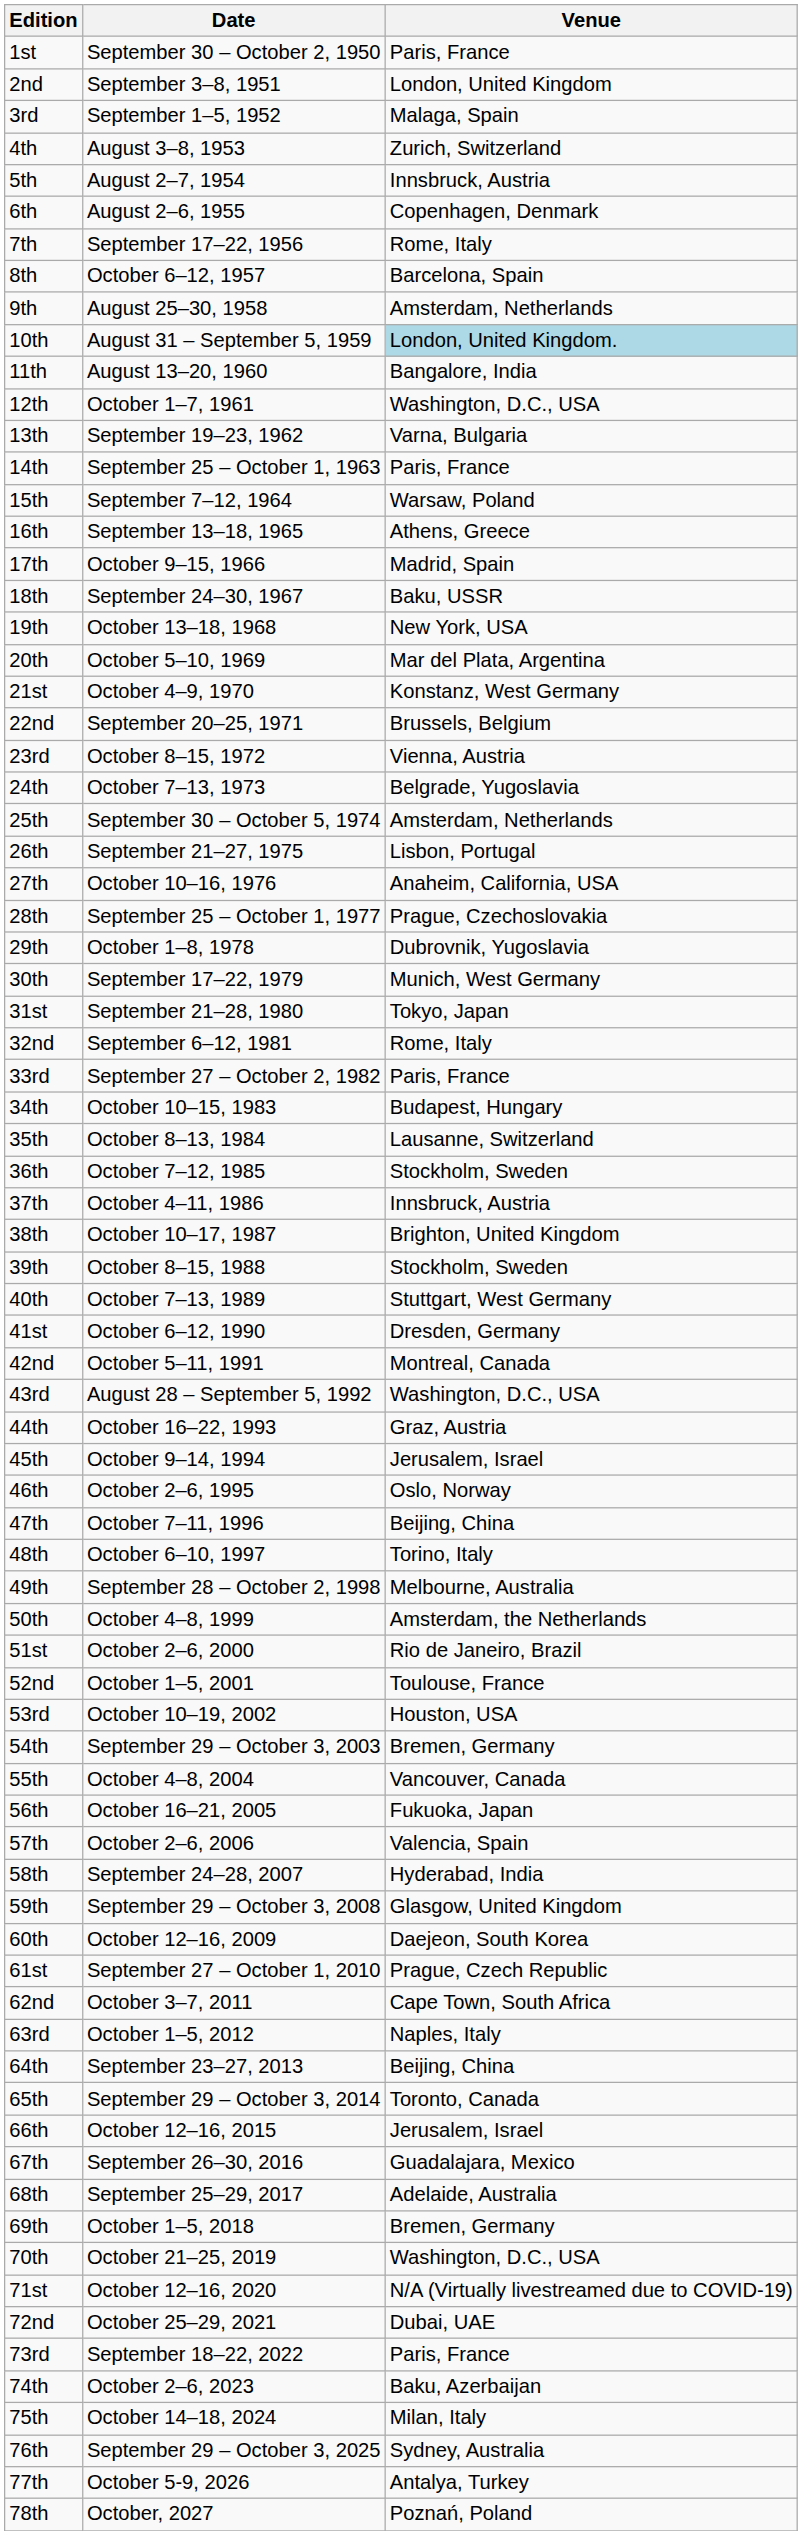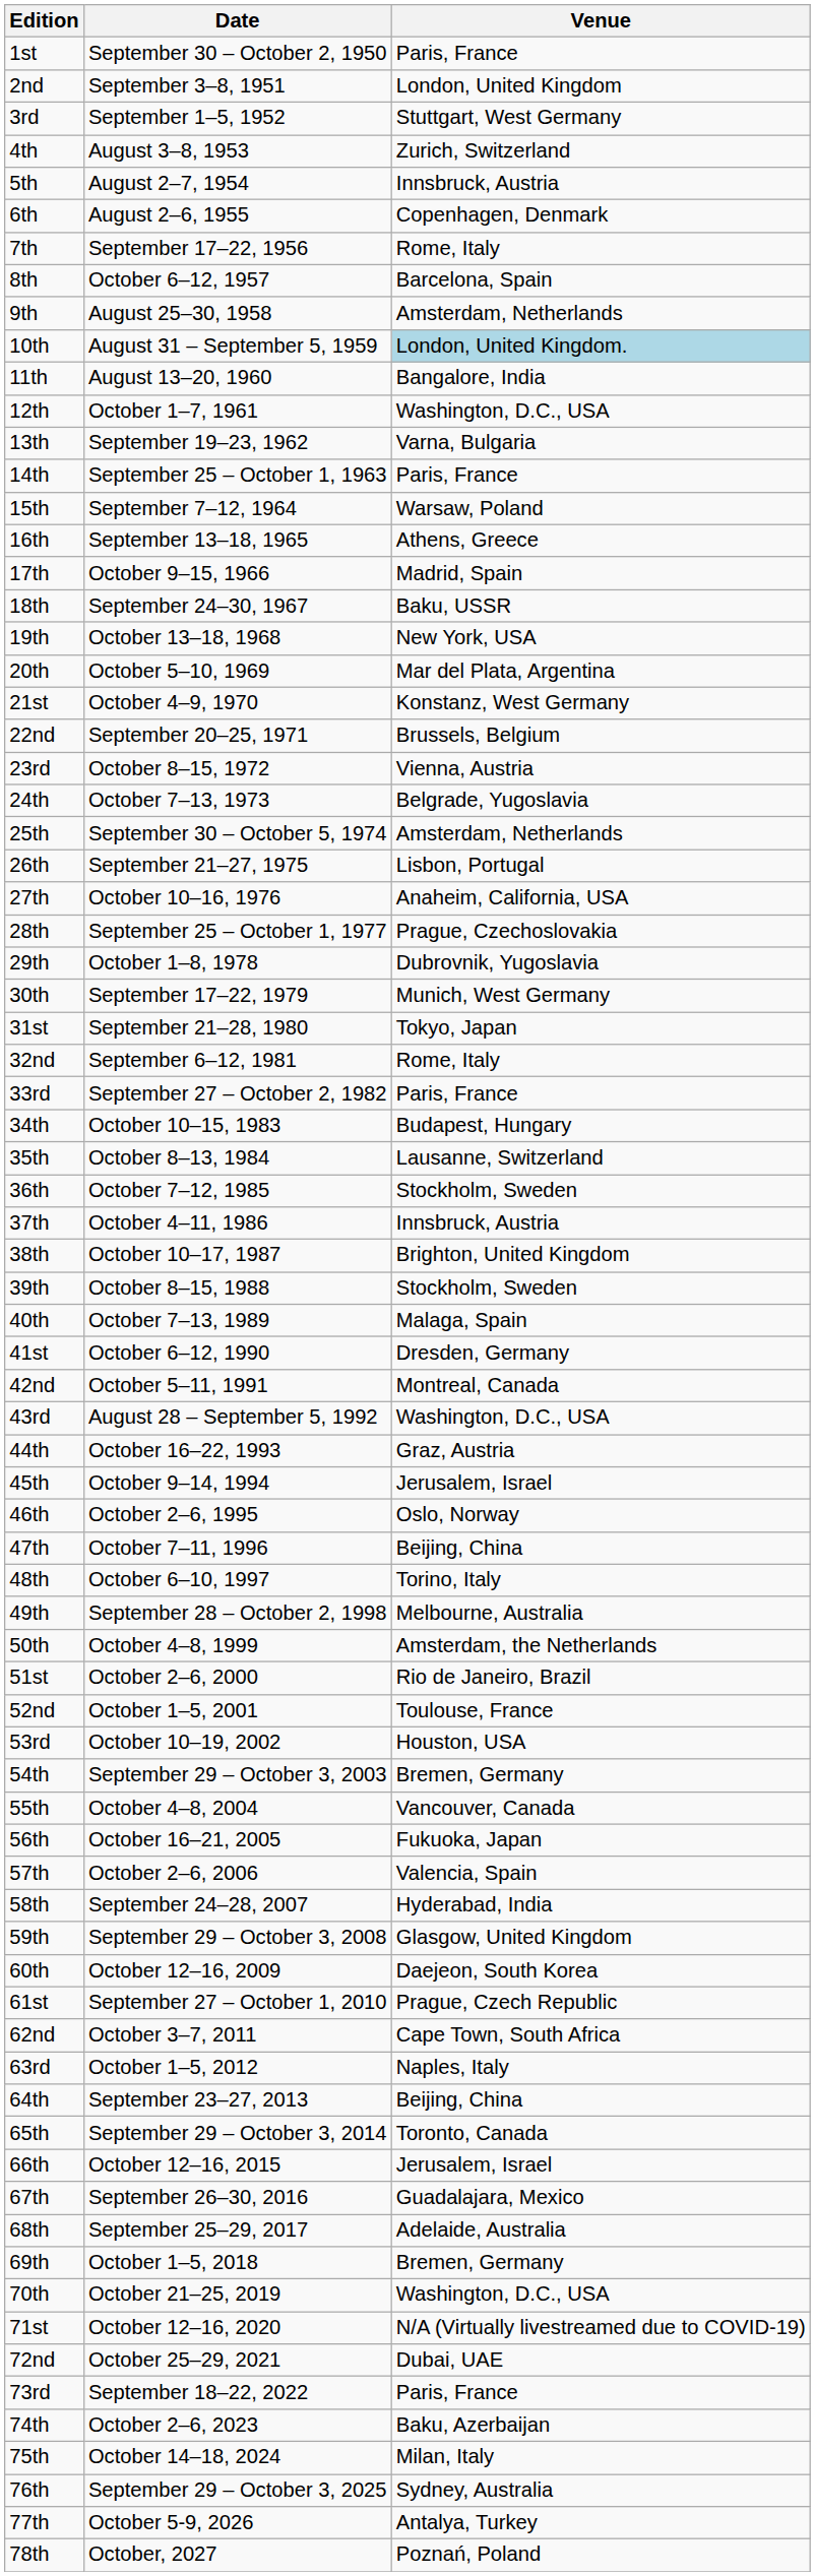 <table - class="wikitable">
 <tr>
 <th>Edition</th>
 <th>Date</th>
 <th>Venue</th>
 </tr>
 <tr>
 <td>1st</td>
 <td>September 30 – October 2, 1950</td>
 <td> Paris, France</td>
 </tr>
 <tr>
 <td>2nd</td>
 <td>September 3–8, 1951</td>
 <td> London, United Kingdom</td>
 </tr>
 <tr>
 <td>3rd</td>
 <td>September 1–5, 1952</td>
-<td> Malaga, Spain</td>
+<td> Stuttgart, West Germany</td>
 </tr>
 <tr>
 <td>4th</td>
 <td>August 3–8, 1953</td>
 <td> Zurich, Switzerland</td>
 </tr>
 <tr>
 <td>5th</td>
 <td>August 2–7, 1954</td>
 <td> Innsbruck, Austria</td>
 </tr>
 <tr>
 <td>6th</td>
 <td>August 2–6, 1955</td>
 <td> Copenhagen, Denmark</td>
 </tr>
 <tr>
 <td>7th</td>
 <td>September 17–22, 1956</td>
 <td> Rome, Italy</td>
 </tr>
 <tr>
 <td>8th</td>
 <td>October 6–12, 1957</td>
 <td> Barcelona, Spain</td>
 </tr>
 <tr>
 <td>9th</td>
 <td>August 25–30, 1958</td>
 <td> Amsterdam, Netherlands</td>
 </tr>
 <tr>
 <td>10th</td>
 <td>August 31 – September 5, 1959</td>
 <td style="background: lightblue;"> London, United Kingdom.</td>
 </tr>
 <tr>
 <td>11th</td>
 <td>August 13–20, 1960</td>
 <td> Bangalore, India</td>
 </tr>
 <tr>
 <td>12th</td>
 <td>October 1–7, 1961</td>
 <td> Washington, D.C., USA</td>
 </tr>
 <tr>
 <td>13th</td>
 <td>September 19–23, 1962</td>
 <td> Varna, Bulgaria</td>
 </tr>
 <tr>
 <td>14th</td>
 <td>September 25 – October 1, 1963</td>
 <td> Paris, France</td>
 </tr>
 <tr>
 <td>15th</td>
 <td>September 7–12, 1964</td>
 <td> Warsaw, Poland</td>
 </tr>
 <tr>
 <td>16th</td>
 <td>September 13–18, 1965</td>
 <td> Athens, Greece</td>
 </tr>
 <tr>
 <td>17th</td>
 <td>October 9–15, 1966</td>
 <td> Madrid, Spain</td>
 </tr>
 <tr>
 <td>18th</td>
 <td>September 24–30, 1967</td>
 <td> Baku, USSR</td>
 </tr>
 <tr>
 <td>19th</td>
 <td>October 13–18, 1968</td>
 <td> New York, USA</td>
 </tr>
 <tr>
 <td>20th</td>
 <td>October 5–10, 1969</td>
 <td> Mar del Plata, Argentina</td>
 </tr>
 <tr>
 <td>21st</td>
 <td>October 4–9, 1970</td>
 <td> Konstanz, West Germany</td>
 </tr>
 <tr>
 <td>22nd</td>
 <td>September 20–25, 1971</td>
 <td> Brussels, Belgium</td>
 </tr>
 <tr>
 <td>23rd</td>
 <td>October 8–15, 1972</td>
 <td> Vienna, Austria</td>
 </tr>
 <tr>
 <td>24th</td>
 <td>October 7–13, 1973</td>
 <td> Belgrade, Yugoslavia</td>
 </tr>
 <tr>
 <td>25th</td>
 <td>September 30 – October 5, 1974</td>
 <td> Amsterdam, Netherlands</td>
 </tr>
 <tr>
 <td>26th</td>
 <td>September 21–27, 1975</td>
 <td> Lisbon, Portugal</td>
 </tr>
 <tr>
 <td>27th</td>
 <td>October 10–16, 1976</td>
 <td> Anaheim, California, USA</td>
 </tr>
 <tr>
 <td>28th</td>
 <td>September 25 – October 1, 1977</td>
 <td> Prague, Czechoslovakia</td>
 </tr>
 <tr>
 <td>29th</td>
 <td>October 1–8, 1978</td>
 <td> Dubrovnik, Yugoslavia</td>
 </tr>
 <tr>
 <td>30th</td>
 <td>September 17–22, 1979</td>
 <td> Munich, West Germany</td>
 </tr>
 <tr>
 <td>31st</td>
 <td>September 21–28, 1980</td>
 <td> Tokyo, Japan</td>
 </tr>
 <tr>
 <td>32nd</td>
 <td>September 6–12, 1981</td>
 <td> Rome, Italy</td>
 </tr>
 <tr>
 <td>33rd</td>
 <td>September 27 – October 2, 1982</td>
 <td> Paris, France</td>
 </tr>
 <tr>
 <td>34th</td>
 <td>October 10–15, 1983</td>
 <td> Budapest, Hungary</td>
 </tr>
 <tr>
 <td>35th</td>
 <td>October 8–13, 1984</td>
 <td> Lausanne, Switzerland</td>
 </tr>
 <tr>
 <td>36th</td>
 <td>October 7–12, 1985</td>
 <td> Stockholm, Sweden</td>
 </tr>
 <tr>
 <td>37th</td>
 <td>October 4–11, 1986</td>
 <td> Innsbruck, Austria</td>
 </tr>
 <tr>
 <td>38th</td>
 <td>October 10–17, 1987</td>
 <td> Brighton, United Kingdom</td>
 </tr>
 <tr>
 <td>39th</td>
 <td>October 8–15, 1988</td>
 <td> Stockholm, Sweden</td>
 </tr>
 <tr>
 <td>40th</td>
 <td>October 7–13, 1989</td>
-<td> Stuttgart, West Germany</td>
+<td> Malaga, Spain</td>
 </tr>
 <tr>
 <td>41st</td>
 <td>October 6–12, 1990</td>
 <td> Dresden, Germany</td>
 </tr>
 <tr>
 <td>42nd</td>
 <td>October 5–11, 1991</td>
 <td> Montreal, Canada</td>
 </tr>
 <tr>
 <td>43rd</td>
 <td>August 28 – September 5, 1992</td>
 <td> Washington, D.C., USA</td>
 </tr>
 <tr>
 <td>44th</td>
 <td>October 16–22, 1993</td>
 <td> Graz, Austria</td>
 </tr>
 <tr>
 <td>45th</td>
 <td>October 9–14, 1994</td>
 <td> Jerusalem, Israel</td>
 </tr>
 <tr>
 <td>46th</td>
 <td>October 2–6, 1995</td>
 <td> Oslo, Norway</td>
 </tr>
 <tr>
 <td>47th</td>
 <td>October 7–11, 1996</td>
 <td> Beijing, China</td>
 </tr>
 <tr>
 <td>48th</td>
 <td>October 6–10, 1997</td>
 <td> Torino, Italy</td>
 </tr>
 <tr>
 <td>49th</td>
 <td>September 28 – October 2, 1998</td>
 <td> Melbourne, Australia</td>
 </tr>
 <tr>
 <td>50th</td>
 <td>October 4–8, 1999</td>
 <td> Amsterdam, the Netherlands</td>
 </tr>
 <tr>
 <td>51st</td>
 <td>October 2–6, 2000</td>
 <td> Rio de Janeiro, Brazil</td>
 </tr>
 <tr>
 <td>52nd</td>
 <td>October 1–5, 2001</td>
 <td> Toulouse, France</td>
 </tr>
 <tr>
 <td>53rd</td>
 <td>October 10–19, 2002</td>
 <td> Houston, USA</td>
 </tr>
 <tr>
 <td>54th</td>
 <td>September 29 – October 3, 2003</td>
 <td> Bremen, Germany</td>
 </tr>
 <tr>
 <td>55th</td>
 <td>October 4–8, 2004</td>
 <td> Vancouver, Canada</td>
 </tr>
 <tr>
 <td>56th</td>
 <td>October 16–21, 2005</td>
 <td> Fukuoka, Japan</td>
 </tr>
 <tr>
 <td>57th</td>
 <td>October 2–6, 2006</td>
 <td> Valencia, Spain</td>
 </tr>
 <tr>
 <td>58th</td>
 <td>September 24–28, 2007</td>
 <td> Hyderabad, India</td>
 </tr>
 <tr>
 <td>59th</td>
 <td>September 29 – October 3, 2008</td>
 <td> Glasgow, United Kingdom</td>
 </tr>
 <tr>
 <td>60th</td>
 <td>October 12–16, 2009</td>
 <td> Daejeon, South Korea</td>
 </tr>
 <tr>
 <td>61st</td>
 <td>September 27 – October 1, 2010</td>
 <td> Prague, Czech Republic</td>
 </tr>
 <tr>
 <td>62nd</td>
 <td>October 3–7, 2011</td>
 <td> Cape Town, South Africa</td>
 </tr>
 <tr>
 <td>63rd</td>
 <td>October 1–5, 2012</td>
 <td> Naples, Italy</td>
 </tr>
 <tr>
 <td>64th</td>
 <td>September 23–27, 2013</td>
 <td> Beijing, China</td>
 </tr>
 <tr>
 <td>65th</td>
 <td>September 29 – October 3, 2014</td>
 <td> Toronto, Canada</td>
 </tr>
 <tr>
 <td>66th</td>
 <td>October 12–16, 2015</td>
 <td> Jerusalem, Israel</td>
 </tr>
 <tr>
 <td>67th</td>
 <td>September 26–30, 2016</td>
 <td> Guadalajara, Mexico</td>
 </tr>
 <tr>
 <td>68th</td>
 <td>September 25–29, 2017</td>
 <td> Adelaide, Australia</td>
 </tr>
 <tr>
 <td>69th</td>
 <td>October 1–5, 2018</td>
 <td> Bremen, Germany</td>
 </tr>
 <tr>
 <td>70th</td>
 <td>October 21–25, 2019</td>
 <td> Washington, D.C., USA</td>
 </tr>
 <tr>
 <td>71st</td>
 <td>October 12–16, 2020</td>
 <td>N/A (Virtually livestreamed due to COVID-19) </td>
 </tr>
 <tr>
 <td>72nd</td>
 <td>October 25–29, 2021</td>
 <td> Dubai, UAE </td>
 </tr>
 <tr>
 <td>73rd</td>
 <td>September 18–22, 2022</td>
 <td> Paris, France </td>
 </tr>
 <tr>
 <td>74th</td>
 <td>October 2–6, 2023</td>
 <td> Baku, Azerbaijan </td>
 </tr>
 <tr>
 <td>75th</td>
 <td>October 14–18, 2024</td>
 <td> Milan, Italy </td>
 </tr>
 <tr>
 <td>76th</td>
 <td>September 29 – October 3, 2025</td>
 <td> Sydney, Australia</td>
 </tr>
 <tr>
 <td>77th</td>
 <td>October 5-9, 2026</td>
 <td> Antalya, Turkey</td>
 </tr>
 <tr>
 <td>78th</td>
 <td>October, 2027</td>
 <td> Poznań, Poland</td>
 </tr>
 </table>
